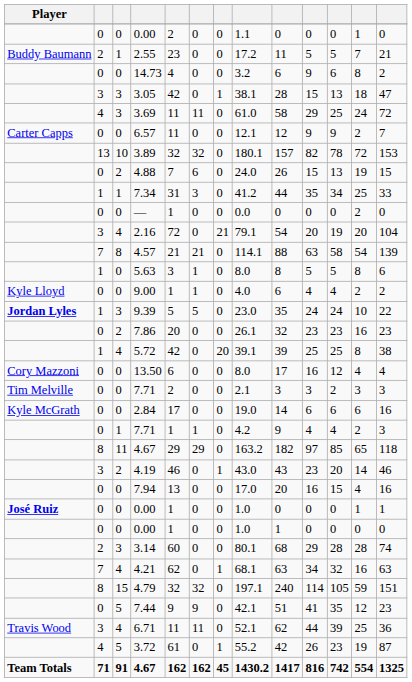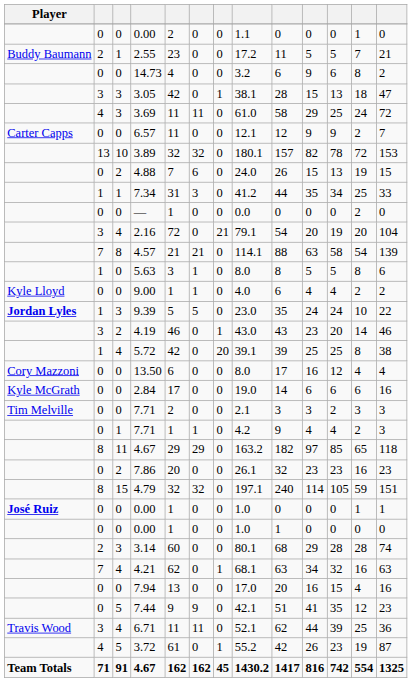 <table class="wikitable sortable" style="text-align:center;">
 <tr>
 <th>Player</th>
 <th></th>
 <th></th>
 <th></th>
 <th></th>
 <th></th>
 <th></th>
 <th></th>
 <th></th>
 <th></th>
 <th></th>
 <th></th>
 <th></th>
 </tr>
 <tr>
 </tr>
 <tr align=left>
 <td></td>
 <td>0</td>
 <td>0</td>
 <td>0.00</td>
 <td>2</td>
 <td>0</td>
 <td>0</td>
 <td>1.1</td>
 <td>0</td>
 <td>0</td>
 <td>0</td>
 <td>1</td>
 <td>0</td>
 </tr>
 <tr align=left>
 <td><a href='#'>Buddy Baumann</a></td>
 <td>2</td>
 <td>1</td>
 <td>2.55</td>
 <td>23</td>
 <td>0</td>
 <td>0</td>
 <td>17.2</td>
 <td>11</td>
 <td>5</td>
 <td>5</td>
 <td>7</td>
 <td>21</td>
 </tr>
 <tr align=left>
 <td><strong></strong></td>
 <td>0</td>
 <td>0</td>
 <td>14.73</td>
 <td>4</td>
 <td>0</td>
 <td>0</td>
 <td>3.2</td>
 <td>6</td>
 <td>9</td>
 <td>6</td>
 <td>8</td>
 <td>2</td>
 </tr>
 <tr align=left>
 <td></td>
 <td>3</td>
 <td>3</td>
 <td>3.05</td>
 <td>42</td>
 <td>0</td>
 <td>1</td>
 <td>38.1</td>
 <td>28</td>
 <td>15</td>
 <td>13</td>
 <td>18</td>
 <td>47</td>
 </tr>
 <tr align=left>
 <td></td>
 <td>4</td>
 <td>3</td>
 <td>3.69</td>
 <td>11</td>
 <td>11</td>
 <td>0</td>
 <td>61.0</td>
 <td>58</td>
 <td>29</td>
 <td>25</td>
 <td>24</td>
 <td>72</td>
 </tr>
 <tr align=left>
 <td><a href='#'>Carter Capps</a></td>
 <td>0</td>
 <td>0</td>
 <td>6.57</td>
 <td>11</td>
 <td>0</td>
 <td>0</td>
 <td>12.1</td>
 <td>12</td>
 <td>9</td>
 <td>9</td>
 <td>2</td>
 <td>7</td>
 </tr>
 <tr align=left>
 <td><strong></strong></td>
 <td>13</td>
 <td>10</td>
 <td>3.89</td>
 <td>32</td>
 <td>32</td>
 <td>0</td>
 <td>180.1</td>
 <td>157</td>
 <td>82</td>
 <td>78</td>
 <td>72</td>
 <td>153</td>
 </tr>
 <tr align=left>
 <td></td>
 <td>0</td>
 <td>2</td>
 <td>4.88</td>
 <td>7</td>
 <td>6</td>
 <td>0</td>
 <td>24.0</td>
 <td>26</td>
 <td>15</td>
 <td>13</td>
 <td>19</td>
 <td>15</td>
 </tr>
 <tr align=left>
 <td></td>
 <td>1</td>
 <td>1</td>
 <td>7.34</td>
 <td>31</td>
 <td>3</td>
 <td>0</td>
 <td>41.2</td>
 <td>44</td>
 <td>35</td>
 <td>34</td>
 <td>25</td>
 <td>33</td>
 </tr>
 <tr align=left>
 <td></td>
 <td>0</td>
 <td>0</td>
 <td>—</td>
 <td>1</td>
 <td>0</td>
 <td>0</td>
 <td>0.0</td>
 <td>0</td>
 <td>0</td>
 <td>0</td>
 <td>2</td>
 <td>0</td>
 </tr>
 <tr align=left>
 <td><strong></strong></td>
 <td>3</td>
 <td>4</td>
 <td>2.16</td>
 <td>72</td>
 <td>0</td>
 <td>21</td>
 <td>79.1</td>
 <td>54</td>
 <td>20</td>
 <td>19</td>
 <td>20</td>
 <td>104</td>
 </tr>
 <tr align=left>
 <td><strong></strong></td>
 <td>7</td>
 <td>8</td>
 <td>4.57</td>
 <td>21</td>
 <td>21</td>
 <td>0</td>
 <td>114.1</td>
 <td>88</td>
 <td>63</td>
 <td>58</td>
 <td>54</td>
 <td>139</td>
 </tr>
 <tr align=left>
 <td></td>
 <td>1</td>
 <td>0</td>
 <td>5.63</td>
 <td>3</td>
 <td>1</td>
 <td>0</td>
 <td>8.0</td>
 <td>8</td>
 <td>5</td>
 <td>5</td>
 <td>8</td>
 <td>6</td>
 </tr>
 <tr align=left>
 <td><a href='#'>Kyle Lloyd</a></td>
 <td>0</td>
 <td>0</td>
 <td>9.00</td>
 <td>1</td>
 <td>1</td>
 <td>0</td>
 <td>4.0</td>
 <td>6</td>
 <td>4</td>
 <td>4</td>
 <td>2</td>
 <td>2</td>
 </tr>
 <tr align=left>
 <td><strong><a href='#'>Jordan Lyles</a></strong></td>
 <td>1</td>
 <td>3</td>
 <td>9.39</td>
 <td>5</td>
 <td>5</td>
 <td>0</td>
 <td>23.0</td>
 <td>35</td>
 <td>24</td>
 <td>24</td>
 <td>10</td>
 <td>22</td>
 </tr>
 <tr align=left>
-<td></td>
+<td><strong></strong></td>
+<td>3</td>
+<td>2</td>
+<td>4.19</td>
+<td>46</td>
 <td>0</td>
-<td>2</td>
-<td>7.86</td>
+<td>1</td>
+<td>43.0</td>
+<td>43</td>
+<td>23</td>
 <td>20</td>
-<td>0</td>
-<td>0</td>
-<td>26.1</td>
-<td>32</td>
-<td>23</td>
-<td>23</td>
-<td>16</td>
-<td>23</td>
+<td>14</td>
+<td>46</td>
 </tr>
 <tr align=left>
 <td></td>
 <td>1</td>
 <td>4</td>
 <td>5.72</td>
 <td>42</td>
 <td>0</td>
 <td>20</td>
 <td>39.1</td>
 <td>39</td>
 <td>25</td>
 <td>25</td>
 <td>8</td>
 <td>38</td>
 </tr>
 <tr align=left>
 <td><a href='#'>Cory Mazzoni</a></td>
 <td>0</td>
 <td>0</td>
 <td>13.50</td>
 <td>6</td>
 <td>0</td>
 <td>0</td>
 <td>8.0</td>
 <td>17</td>
 <td>16</td>
 <td>12</td>
 <td>4</td>
 <td>4</td>
 </tr>
 <tr align=left>
+<td><a href='#'>Kyle McGrath</a></td>
+<td>0</td>
+<td>0</td>
+<td>2.84</td>
+<td>17</td>
+<td>0</td>
+<td>0</td>
+<td>19.0</td>
+<td>14</td>
+<td>6</td>
+<td>6</td>
+<td>6</td>
+<td>16</td>
+</tr>
+<tr align=left>
 <td><a href='#'>Tim Melville</a></td>
 <td>0</td>
 <td>0</td>
 <td>7.71</td>
 <td>2</td>
 <td>0</td>
 <td>0</td>
 <td>2.1</td>
 <td>3</td>
 <td>3</td>
 <td>2</td>
 <td>3</td>
 <td>3</td>
-</tr>
-<tr align=left>
-<td><a href='#'>Kyle McGrath</a></td>
-<td>0</td>
-<td>0</td>
-<td>2.84</td>
-<td>17</td>
-<td>0</td>
-<td>0</td>
-<td>19.0</td>
-<td>14</td>
-<td>6</td>
-<td>6</td>
-<td>6</td>
-<td>16</td>
 </tr>
 <tr align=left>
 <td></td>
 <td>0</td>
 <td>1</td>
 <td>7.71</td>
 <td>1</td>
 <td>1</td>
 <td>0</td>
 <td>4.2</td>
 <td>9</td>
 <td>4</td>
 <td>4</td>
 <td>2</td>
 <td>3</td>
 </tr>
 <tr align=left>
 <td><strong></strong></td>
 <td>8</td>
 <td>11</td>
 <td>4.67</td>
 <td>29</td>
 <td>29</td>
 <td>0</td>
 <td>163.2</td>
 <td>182</td>
 <td>97</td>
 <td>85</td>
 <td>65</td>
 <td>118</td>
 </tr>
 <tr align=left>
-<td><strong></strong></td>
-<td>3</td>
+<td></td>
+<td>0</td>
 <td>2</td>
-<td>4.19</td>
-<td>46</td>
+<td>7.86</td>
+<td>20</td>
 <td>0</td>
-<td>1</td>
-<td>43.0</td>
-<td>43</td>
+<td>0</td>
+<td>26.1</td>
+<td>32</td>
 <td>23</td>
-<td>20</td>
-<td>14</td>
-<td>46</td>
+<td>23</td>
+<td>16</td>
+<td>23</td>
 </tr>
 <tr align=left>
 <td></td>
+<td>8</td>
+<td>15</td>
+<td>4.79</td>
+<td>32</td>
+<td>32</td>
 <td>0</td>
-<td>0</td>
-<td>7.94</td>
-<td>13</td>
-<td>0</td>
-<td>0</td>
-<td>17.0</td>
-<td>20</td>
-<td>16</td>
-<td>15</td>
-<td>4</td>
-<td>16</td>
+<td>197.1</td>
+<td>240</td>
+<td>114</td>
+<td>105</td>
+<td>59</td>
+<td>151</td>
 </tr>
 <tr align=left>
 <td><strong><a href='#'>José Ruiz</a></strong></td>
 <td>0</td>
 <td>0</td>
 <td>0.00</td>
 <td>1</td>
 <td>0</td>
 <td>0</td>
 <td>1.0</td>
 <td>0</td>
 <td>0</td>
 <td>0</td>
 <td>1</td>
 <td>1</td>
 </tr>
 <tr align=left>
 <td></td>
 <td>0</td>
 <td>0</td>
 <td>0.00</td>
 <td>1</td>
 <td>0</td>
 <td>0</td>
 <td>1.0</td>
 <td>1</td>
 <td>0</td>
 <td>0</td>
 <td>0</td>
 <td>0</td>
 </tr>
 <tr align=left>
 <td><strong></strong></td>
 <td>2</td>
 <td>3</td>
 <td>3.14</td>
 <td>60</td>
 <td>0</td>
 <td>0</td>
 <td>80.1</td>
 <td>68</td>
 <td>29</td>
 <td>28</td>
 <td>28</td>
 <td>74</td>
 </tr>
 <tr align=left>
 <td></td>
 <td>7</td>
 <td>4</td>
 <td>4.21</td>
 <td>62</td>
 <td>0</td>
 <td>1</td>
 <td>68.1</td>
 <td>63</td>
 <td>34</td>
 <td>32</td>
 <td>16</td>
 <td>63</td>
 </tr>
 <tr align=left>
 <td></td>
-<td>8</td>
+<td>0</td>
+<td>0</td>
+<td>7.94</td>
+<td>13</td>
+<td>0</td>
+<td>0</td>
+<td>17.0</td>
+<td>20</td>
+<td>16</td>
 <td>15</td>
-<td>4.79</td>
-<td>32</td>
-<td>32</td>
-<td>0</td>
-<td>197.1</td>
-<td>240</td>
-<td>114</td>
-<td>105</td>
-<td>59</td>
-<td>151</td>
+<td>4</td>
+<td>16</td>
 </tr>
 <tr align=left>
 <td></td>
 <td>0</td>
 <td>5</td>
 <td>7.44</td>
 <td>9</td>
 <td>9</td>
 <td>0</td>
 <td>42.1</td>
 <td>51</td>
 <td>41</td>
 <td>35</td>
 <td>12</td>
 <td>23</td>
 </tr>
 <tr align=left>
 <td><a href='#'>Travis Wood</a></td>
 <td>3</td>
 <td>4</td>
 <td>6.71</td>
 <td>11</td>
 <td>11</td>
 <td>0</td>
 <td>52.1</td>
 <td>62</td>
 <td>44</td>
 <td>39</td>
 <td>25</td>
 <td>36</td>
 </tr>
 <tr align=left>
 <td><strong></strong></td>
 <td>4</td>
 <td>5</td>
 <td>3.72</td>
 <td>61</td>
 <td>0</td>
 <td>1</td>
 <td>55.2</td>
 <td>42</td>
 <td>26</td>
 <td>23</td>
 <td>19</td>
 <td>87</td>
 </tr>
 <tr align=left>
 <td><strong>Team Totals</strong></td>
 <td><strong>71</strong></td>
 <td><strong>91</strong></td>
 <td><strong>4.67</strong></td>
 <td><strong>162</strong></td>
 <td><strong>162</strong></td>
 <td><strong>45</strong></td>
 <td><strong>1430.2</strong></td>
 <td><strong>1417</strong></td>
 <td><strong>816</strong></td>
 <td><strong>742</strong></td>
 <td><strong>554</strong></td>
 <td><strong>1325</strong></td>
 </tr>
 </table>
